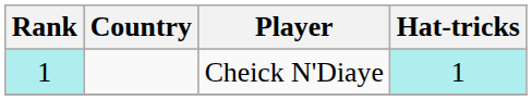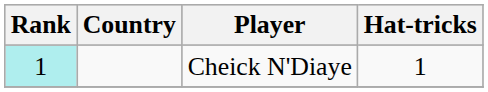 <table class="wikitable" style="text-align:center;">
 <tr>
 <th>Rank</th>
 <th>Country</th>
 <th>Player</th>
 <th>Hat-tricks</th>
 </tr>
 <tr>
 <td style="background: paleturquoise;">1</td>
 <td></td>
 <td>Cheick N'Diaye</td>
-<td style="background: paleturquoise;">1</td>
+<td>1</td>
 </tr>
 <tr>
 </tr>
 </table>
